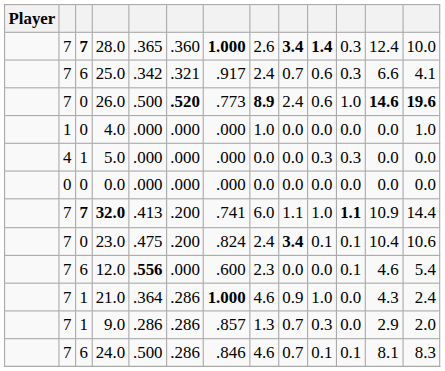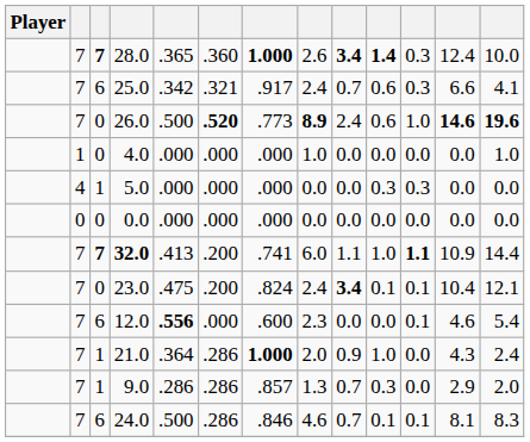 <table class="wikitable sortable" style="font-size:95%; text-align:right;">
 <tr>
 <th>Player</th>
 <th></th>
 <th></th>
 <th></th>
 <th></th>
 <th></th>
 <th></th>
 <th></th>
 <th></th>
 <th></th>
 <th></th>
 <th></th>
 <th></th>
 </tr>
 <tr>
 <td><strong></strong></td>
 <td>7</td>
 <td><strong>7</strong></td>
 <td>28.0</td>
 <td>.365</td>
 <td>.360</td>
 <td><strong>1.000</strong></td>
 <td>2.6</td>
 <td><strong>3.4</strong></td>
 <td><strong>1.4</strong></td>
 <td>0.3</td>
 <td>12.4</td>
 <td>10.0</td>
 </tr>
 <tr>
 <td><strong></strong></td>
 <td>7</td>
 <td>6</td>
 <td>25.0</td>
 <td>.342</td>
 <td>.321</td>
 <td>.917</td>
 <td>2.4</td>
 <td>0.7</td>
 <td>0.6</td>
 <td>0.3</td>
 <td>6.6</td>
 <td>4.1</td>
 </tr>
 <tr>
 <td><strong></strong></td>
 <td>7</td>
 <td>0</td>
 <td>26.0</td>
 <td>.500</td>
 <td><strong>.520</strong></td>
 <td>.773</td>
 <td><strong>8.9</strong></td>
 <td>2.4</td>
 <td>0.6</td>
 <td>1.0</td>
 <td><strong>14.6</strong></td>
 <td><strong>19.6</strong></td>
 </tr>
 <tr>
 <td><strong></strong></td>
 <td>1</td>
 <td>0</td>
 <td>4.0</td>
 <td>.000</td>
 <td>.000</td>
 <td>.000</td>
 <td>1.0</td>
 <td>0.0</td>
 <td>0.0</td>
 <td>0.0</td>
 <td>0.0</td>
 <td>1.0</td>
 </tr>
 <tr>
 <td><strong></strong></td>
 <td>4</td>
 <td>1</td>
 <td>5.0</td>
 <td>.000</td>
 <td>.000</td>
 <td>.000</td>
 <td>0.0</td>
 <td>0.0</td>
 <td>0.3</td>
 <td>0.3</td>
 <td>0.0</td>
 <td>0.0</td>
 </tr>
 <tr>
 <td><strong></strong></td>
 <td>0</td>
 <td>0</td>
 <td>0.0</td>
 <td>.000</td>
 <td>.000</td>
 <td>.000</td>
 <td>0.0</td>
 <td>0.0</td>
 <td>0.0</td>
 <td>0.0</td>
 <td>0.0</td>
 <td>0.0</td>
 </tr>
 <tr>
 <td><strong></strong></td>
 <td>7</td>
 <td><strong>7</strong></td>
 <td><strong>32.0</strong></td>
 <td>.413</td>
 <td>.200</td>
 <td>.741</td>
 <td>6.0</td>
 <td>1.1</td>
 <td>1.0</td>
 <td><strong>1.1</strong></td>
 <td>10.9</td>
 <td>14.4</td>
 </tr>
 <tr>
 <td><strong></strong></td>
 <td>7</td>
 <td>0</td>
 <td>23.0</td>
 <td>.475</td>
 <td>.200</td>
 <td>.824</td>
 <td>2.4</td>
 <td><strong>3.4</strong></td>
 <td>0.1</td>
 <td>0.1</td>
 <td>10.4</td>
-<td>10.6</td>
+<td>12.1</td>
 </tr>
 <tr>
 <td><strong></strong></td>
 <td>7</td>
 <td>6</td>
 <td>12.0</td>
 <td><strong>.556</strong></td>
 <td>.000</td>
 <td>.600</td>
 <td>2.3</td>
 <td>0.0</td>
 <td>0.0</td>
 <td>0.1</td>
 <td>4.6</td>
 <td>5.4</td>
 </tr>
 <tr>
 <td><strong></strong></td>
 <td>7</td>
 <td>1</td>
 <td>21.0</td>
 <td>.364</td>
 <td>.286</td>
 <td><strong>1.000</strong></td>
-<td>4.6</td>
+<td>2.0</td>
 <td>0.9</td>
 <td>1.0</td>
 <td>0.0</td>
 <td>4.3</td>
 <td>2.4</td>
 </tr>
 <tr>
 <td><strong></strong></td>
 <td>7</td>
 <td>1</td>
 <td>9.0</td>
 <td>.286</td>
 <td>.286</td>
 <td>.857</td>
 <td>1.3</td>
 <td>0.7</td>
 <td>0.3</td>
 <td>0.0</td>
 <td>2.9</td>
 <td>2.0</td>
 </tr>
 <tr>
 <td><strong></strong></td>
 <td>7</td>
 <td>6</td>
 <td>24.0</td>
 <td>.500</td>
 <td>.286</td>
 <td>.846</td>
 <td>4.6</td>
 <td>0.7</td>
 <td>0.1</td>
 <td>0.1</td>
 <td>8.1</td>
 <td>8.3</td>
 </tr>
 <tr>
 </tr>
 </table>
